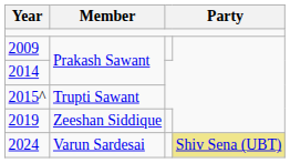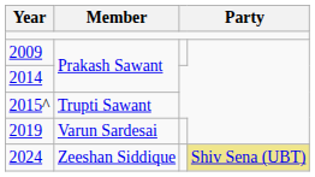 <table class="wikitable">
 <tr>
 <th>Year</th>
 <th>Member</th>
 <th colspan="2">Party</th>
 </tr>
 <tr>
 <td colspan="4"></td>
 </tr>
 <tr>
 <td><a href='#'>2009</a></td>
 <td rowspan="2"><a href='#'>Prakash Sawant</a></td>
 <td></td>
 </tr>
 <tr>
 <td><a href='#'>2014</a></td>
 </tr>
 <tr>
 <td><a href='#'>2015</a>^</td>
 <td><a href='#'>Trupti Sawant</a></td>
 </tr>
 <tr>
 <td><a href='#'>2019</a></td>
-<td><a href='#'>Zeeshan Siddique</a></td>
+<td><a href='#'>Varun Sardesai</a></td>
 <td></td>
 </tr>
 <tr>
 <td><a href='#'>2024</a></td>
-<td><a href='#'>Varun Sardesai</a></td>
+<td><a href='#'>Zeeshan Siddique</a></td>
 <td style="background-color: "></td>
 <td style="background: khaki;"><a href='#'>Shiv Sena (UBT)</a></td>
 </tr>
 </table>
